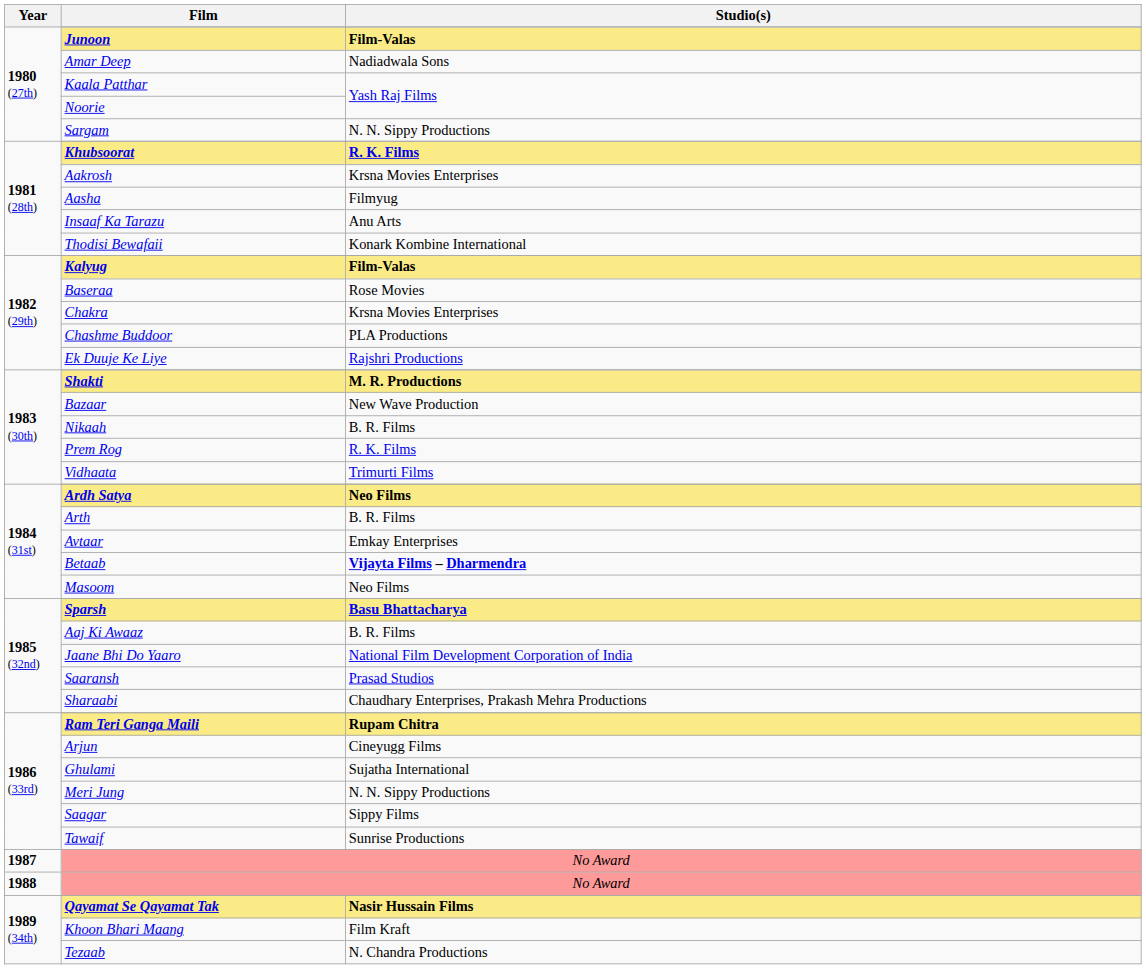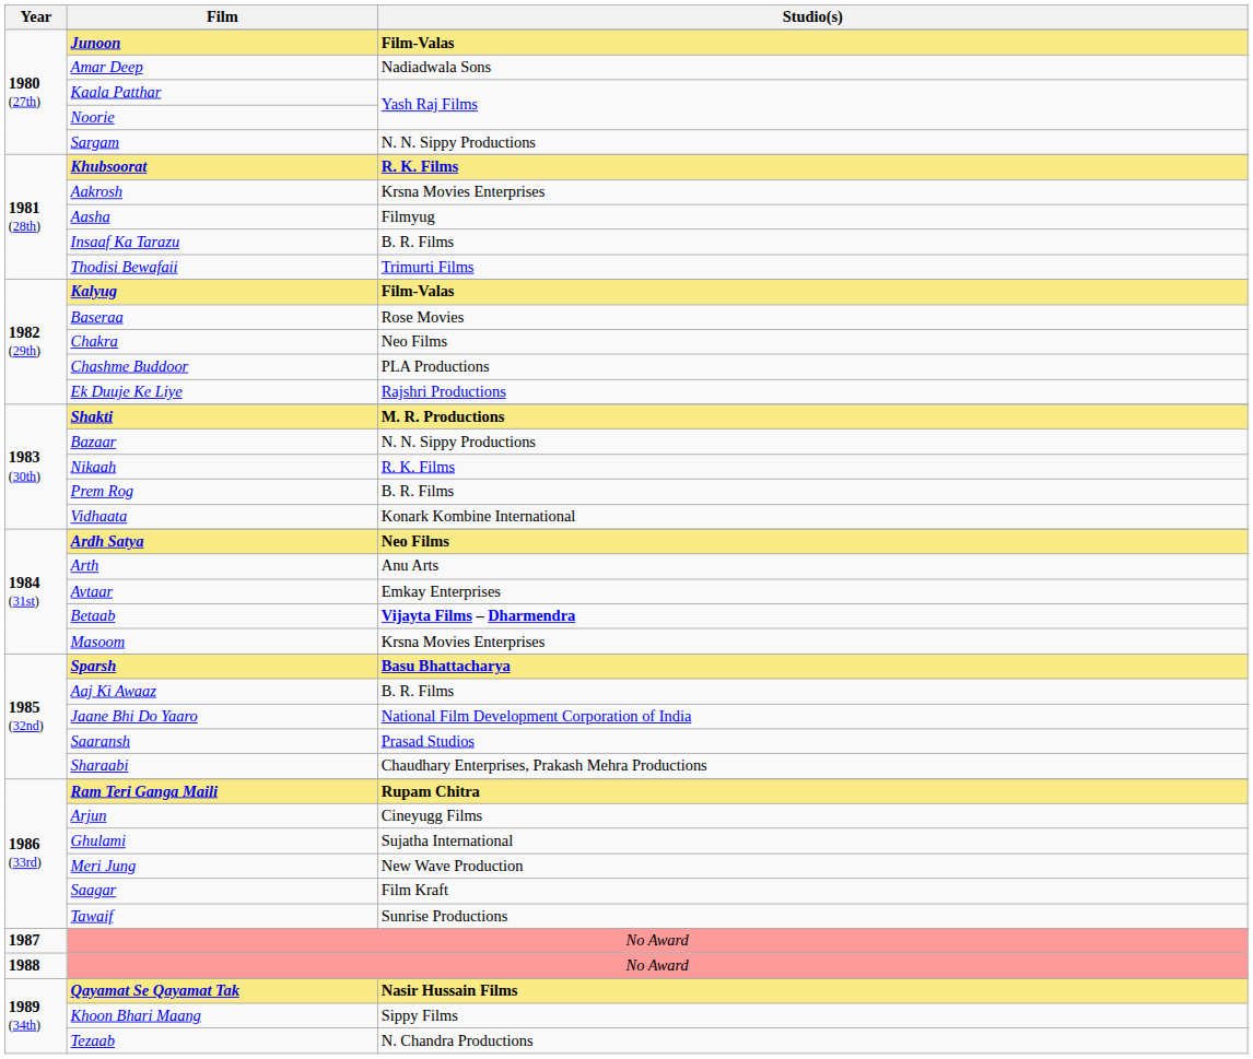 <table class="wikitable" style="width:100%;">
 <tr>
 <th width="5%">Year</th>
 <th width="25%">Film</th>
 <th width="70%">Studio(s)</th>
 </tr>
 <tr>
 <td rowspan="6"><strong>1980</strong><br><small>(<a href='#'>27th</a>)</small></td>
 </tr>
 <tr style="background:#FAEB86">
 <td><strong><em><a href='#'>Junoon</a></em></strong></td>
 <td><strong>Film-Valas</strong></td>
 </tr>
 <tr>
 <td><em><a href='#'>Amar Deep</a></em></td>
 <td>Nadiadwala Sons</td>
 </tr>
 <tr>
 <td><em><a href='#'>Kaala Patthar</a></em></td>
 <td rowspan="2"><a href='#'>Yash Raj Films</a></td>
 </tr>
 <tr>
 <td><em><a href='#'>Noorie</a></em></td>
 </tr>
 <tr>
 <td><em><a href='#'>Sargam</a></em></td>
 <td>N. N. Sippy Productions</td>
 </tr>
 <tr>
 <td rowspan="6"><strong>1981</strong><br><small>(<a href='#'>28th</a>)</small></td>
 </tr>
 <tr style="background:#FAEB86">
 <td><strong><em><a href='#'>Khubsoorat</a></em></strong></td>
 <td><strong><a href='#'>R. K. Films</a></strong></td>
 </tr>
 <tr>
 <td><em><a href='#'>Aakrosh</a></em></td>
 <td>Krsna Movies Enterprises</td>
 </tr>
 <tr>
 <td><em><a href='#'>Aasha</a></em></td>
 <td>Filmyug</td>
 </tr>
 <tr>
 <td><em><a href='#'>Insaaf Ka Tarazu</a></em></td>
-<td>Anu Arts</td>
+<td>B. R. Films</td>
 </tr>
 <tr>
 <td><em><a href='#'>Thodisi Bewafaii</a></em></td>
-<td>Konark Kombine International</td>
+<td><a href='#'>Trimurti Films</a></td>
 </tr>
 <tr>
 <td rowspan="6"><strong>1982</strong><br><small>(<a href='#'>29th</a>)</small></td>
 </tr>
 <tr style="background:#FAEB86">
 <td><strong><em><a href='#'>Kalyug</a></em></strong></td>
 <td><strong>Film-Valas</strong></td>
 </tr>
 <tr>
 <td><em><a href='#'>Baseraa</a></em></td>
 <td>Rose Movies</td>
 </tr>
 <tr>
 <td><em><a href='#'>Chakra</a></em></td>
-<td>Krsna Movies Enterprises</td>
+<td>Neo Films</td>
 </tr>
 <tr>
 <td><em><a href='#'>Chashme Buddoor</a></em></td>
 <td>PLA Productions</td>
 </tr>
 <tr>
 <td><em><a href='#'>Ek Duuje Ke Liye</a></em></td>
 <td><a href='#'>Rajshri Productions</a></td>
 </tr>
 <tr>
 <td rowspan="6"><strong>1983</strong><br><small>(<a href='#'>30th</a>)</small></td>
 </tr>
 <tr style="background:#FAEB86">
 <td><strong><em><a href='#'>Shakti</a></em></strong></td>
 <td><strong>M. R. Productions</strong></td>
 </tr>
 <tr>
 <td><em><a href='#'>Bazaar</a></em></td>
-<td>New Wave Production</td>
+<td>N. N. Sippy Productions</td>
 </tr>
 <tr>
 <td><em><a href='#'>Nikaah</a></em></td>
+<td><a href='#'>R. K. Films</a></td>
+</tr>
+<tr>
+<td><em><a href='#'>Prem Rog</a></em></td>
 <td>B. R. Films</td>
 </tr>
 <tr>
-<td><em><a href='#'>Prem Rog</a></em></td>
-<td><a href='#'>R. K. Films</a></td>
-</tr>
-<tr>
 <td><em><a href='#'>Vidhaata</a></em></td>
-<td><a href='#'>Trimurti Films</a></td>
+<td>Konark Kombine International</td>
 </tr>
 <tr>
 <td rowspan="6"><strong>1984</strong><br><small>(<a href='#'>31st</a>)</small></td>
 </tr>
 <tr style="background:#FAEB86">
 <td><strong><em><a href='#'>Ardh Satya</a></em></strong></td>
 <td><strong>Neo Films</strong></td>
 </tr>
 <tr>
 <td><em><a href='#'>Arth</a></em></td>
-<td>B. R. Films</td>
+<td>Anu Arts</td>
 </tr>
 <tr>
 <td><em><a href='#'>Avtaar</a></em></td>
 <td>Emkay Enterprises</td>
 </tr>
 <tr>
 <td><em><a href='#'>Betaab</a></em></td>
 <td><strong><a href='#'>Vijayta Films</a> – <a href='#'>Dharmendra</a></strong></td>
 </tr>
 <tr>
 <td><em><a href='#'>Masoom</a></em></td>
-<td>Neo Films</td>
+<td>Krsna Movies Enterprises</td>
 </tr>
 <tr>
 <td rowspan="6"><strong>1985</strong><br><small>(<a href='#'>32nd</a>)</small></td>
 </tr>
 <tr style="background:#FAEB86">
 <td><strong><em><a href='#'>Sparsh</a></em></strong></td>
 <td><strong><a href='#'>Basu Bhattacharya</a></strong></td>
 </tr>
 <tr>
 <td><em><a href='#'>Aaj Ki Awaaz</a></em></td>
 <td>B. R. Films</td>
 </tr>
 <tr>
 <td><em><a href='#'>Jaane Bhi Do Yaaro</a></em></td>
 <td><a href='#'>National Film Development Corporation of India</a></td>
 </tr>
 <tr>
 <td><em><a href='#'>Saaransh</a></em></td>
 <td><a href='#'>Prasad Studios</a></td>
 </tr>
 <tr>
 <td><em><a href='#'>Sharaabi</a></em></td>
 <td>Chaudhary Enterprises, Prakash Mehra Productions</td>
 </tr>
 <tr>
 <td rowspan="7"><strong>1986</strong><br><small>(<a href='#'>33rd</a>)</small></td>
 </tr>
 <tr style="background:#FAEB86">
 <td><strong><em><a href='#'>Ram Teri Ganga Maili</a></em></strong></td>
 <td><strong>Rupam Chitra</strong></td>
 </tr>
 <tr>
 <td><em><a href='#'>Arjun</a></em></td>
 <td>Cineyugg Films</td>
 </tr>
 <tr>
 <td><em><a href='#'>Ghulami</a></em></td>
 <td>Sujatha International</td>
 </tr>
 <tr>
 <td><em><a href='#'>Meri Jung</a></em></td>
-<td>N. N. Sippy Productions</td>
+<td>New Wave Production</td>
 </tr>
 <tr>
 <td><em><a href='#'>Saagar</a></em></td>
-<td>Sippy Films</td>
+<td>Film Kraft</td>
 </tr>
 <tr>
 <td><em><a href='#'>Tawaif</a></em></td>
 <td>Sunrise Productions</td>
 </tr>
 <tr>
 <td><strong>1987</strong></td>
 <td bgcolor=#ff9a9a colspan="2" align=center><em>No Award</em></td>
 </tr>
 <tr>
 <td><strong>1988</strong></td>
 <td bgcolor=#ff9a9a colspan="2" align=center><em>No Award</em></td>
 </tr>
 <tr>
 <td rowspan="4"><strong>1989</strong><br><small>(<a href='#'>34th</a>)</small></td>
 </tr>
 <tr style="background:#FAEB86">
 <td><strong><em><a href='#'>Qayamat Se Qayamat Tak</a></em></strong></td>
 <td><strong>Nasir Hussain Films</strong></td>
 </tr>
 <tr>
 <td><em><a href='#'>Khoon Bhari Maang</a></em></td>
-<td>Film Kraft</td>
+<td>Sippy Films</td>
 </tr>
 <tr>
 <td><em><a href='#'>Tezaab</a></em></td>
 <td>N. Chandra Productions</td>
 </tr>
 </table>
